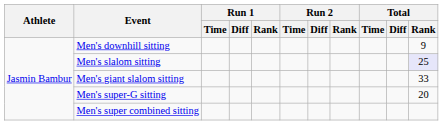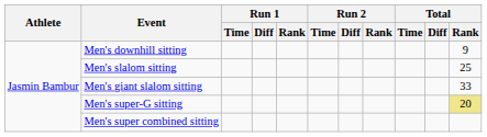 <table class="wikitable" style="font-size:100%">
 <tr>
 <th rowspan="2">Athlete</th>
 <th rowspan="2">Event</th>
 <th colspan="3">Run 1</th>
 <th colspan="3">Run 2</th>
 <th colspan="3">Total</th>
 </tr>
 <tr>
 <th>Time</th>
 <th>Diff</th>
 <th>Rank</th>
 <th>Time</th>
 <th>Diff</th>
 <th>Rank</th>
 <th>Time</th>
 <th>Diff</th>
 <th>Rank</th>
 </tr>
 <tr>
 <td rowspan=5><a href='#'>Jasmin Bambur</a></td>
 <td><a href='#'>Men's downhill sitting</a></td>
 <td align="center"></td>
 <td align="center"></td>
 <td align="center"></td>
 <td align="center"></td>
 <td align="center"></td>
 <td align="center"></td>
 <td align="center"></td>
 <td align="center"></td>
 <td align="center">9</td>
 </tr>
 <tr>
 <td><a href='#'>Men's slalom sitting</a></td>
 <td align="center"></td>
 <td align="center"></td>
 <td align="center"></td>
 <td align="center"></td>
 <td align="center"></td>
 <td align="center"></td>
 <td align="center"></td>
 <td align="center"></td>
-<td align="center" style="background: lavender;">25</td>
+<td align="center">25</td>
 </tr>
 <tr>
 <td><a href='#'>Men's giant slalom sitting</a></td>
 <td align="center"></td>
 <td align="center"></td>
 <td align="center"></td>
 <td align="center"></td>
 <td align="center"></td>
 <td align="center"></td>
 <td align="center"></td>
 <td align="center"></td>
 <td align="center">33</td>
 </tr>
 <tr>
 <td><a href='#'>Men's super-G sitting</a></td>
 <td align="center"></td>
 <td align="center"></td>
 <td align="center"></td>
 <td align="center"></td>
 <td align="center"></td>
 <td align="center"></td>
 <td align="center"></td>
 <td align="center"></td>
-<td align="center">20</td>
+<td align="center" style="background: khaki;">20</td>
 </tr>
 <tr>
 <td><a href='#'>Men's super combined sitting</a></td>
 <td align="center"></td>
 <td align="center"></td>
 <td align="center"></td>
 <td align="center"></td>
 <td align="center"></td>
 <td align="center"></td>
 <td align="center"></td>
 <td align="center"></td>
 <td align="center"></td>
 </tr>
 </table>
